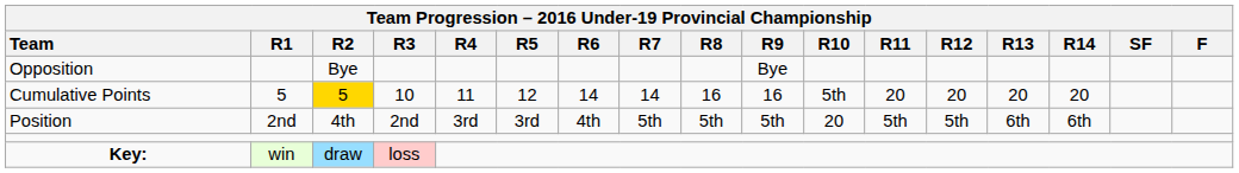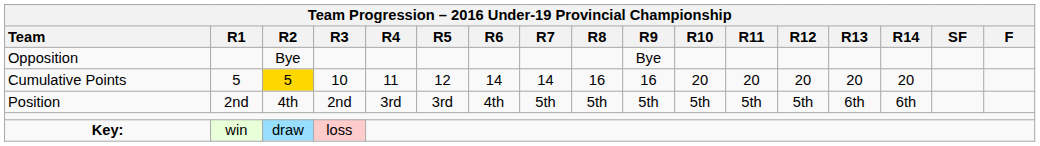 <table class="wikitable collapsible" style="text-align:center; line-height:100%; width:80%; font-size:90%">
 <tr>
 <th colspan=100%>Team Progression – 2016 Under-19 Provincial Championship</th>
 </tr>
 <tr>
 <th style="text-align:left; width:20%;">Team</th>
 <th style="width:5%;">R1</th>
 <th style="width:5%;">R2</th>
 <th style="width:5%;">R3</th>
 <th style="width:5%;">R4</th>
 <th style="width:5%;">R5</th>
 <th style="width:5%;">R6</th>
 <th style="width:5%;">R7</th>
 <th style="width:5%;">R8</th>
 <th style="width:5%;">R9</th>
 <th style="width:5%;">R10</th>
 <th style="width:5%;">R11</th>
 <th style="width:5%;">R12</th>
 <th style="width:5%;">R13</th>
 <th style="width:5%;">R14</th>
 <th style="width:5%;">SF</th>
 <th style="width:5%;">F</th>
 </tr>
 <tr>
 <td align=left>Opposition</td>
 <td></td>
 <td>Bye</td>
 <td></td>
 <td></td>
 <td></td>
 <td></td>
 <td></td>
 <td></td>
 <td>Bye</td>
 <td></td>
 <td></td>
 <td></td>
 <td></td>
 <td></td>
 <td> </td>
 <td> </td>
 </tr>
 <tr>
 <td align=left>Cumulative Points</td>
 <td>5</td>
 <td style="background: gold;">5</td>
 <td>10</td>
 <td>11</td>
 <td>12</td>
 <td>14</td>
 <td>14</td>
 <td>16</td>
 <td>16</td>
-<td>5th</td>
+<td>20</td>
 <td>20</td>
 <td>20</td>
 <td>20</td>
 <td>20</td>
 <td> </td>
 <td> </td>
 </tr>
 <tr>
 <td align=left>Position</td>
 <td>2nd</td>
 <td>4th</td>
 <td>2nd</td>
 <td>3rd</td>
 <td>3rd</td>
 <td>4th</td>
 <td>5th</td>
 <td>5th</td>
 <td>5th</td>
-<td>20</td>
+<td>5th</td>
 <td>5th</td>
 <td>5th</td>
 <td>6th</td>
 <td>6th</td>
 <td> </td>
 <td> </td>
 </tr>
 <tr>
 <td colspan="100%" style="text-align:center;"></td>
 </tr>
 <tr>
 <td><strong>Key:</strong></td>
 <td style="background:#E8FFD8;">win</td>
 <td style="background:#97DEFF;">draw</td>
 <td style="background:#FFCCCC;">loss</td>
 <td colspan="100%"></td>
 </tr>
 </table>
